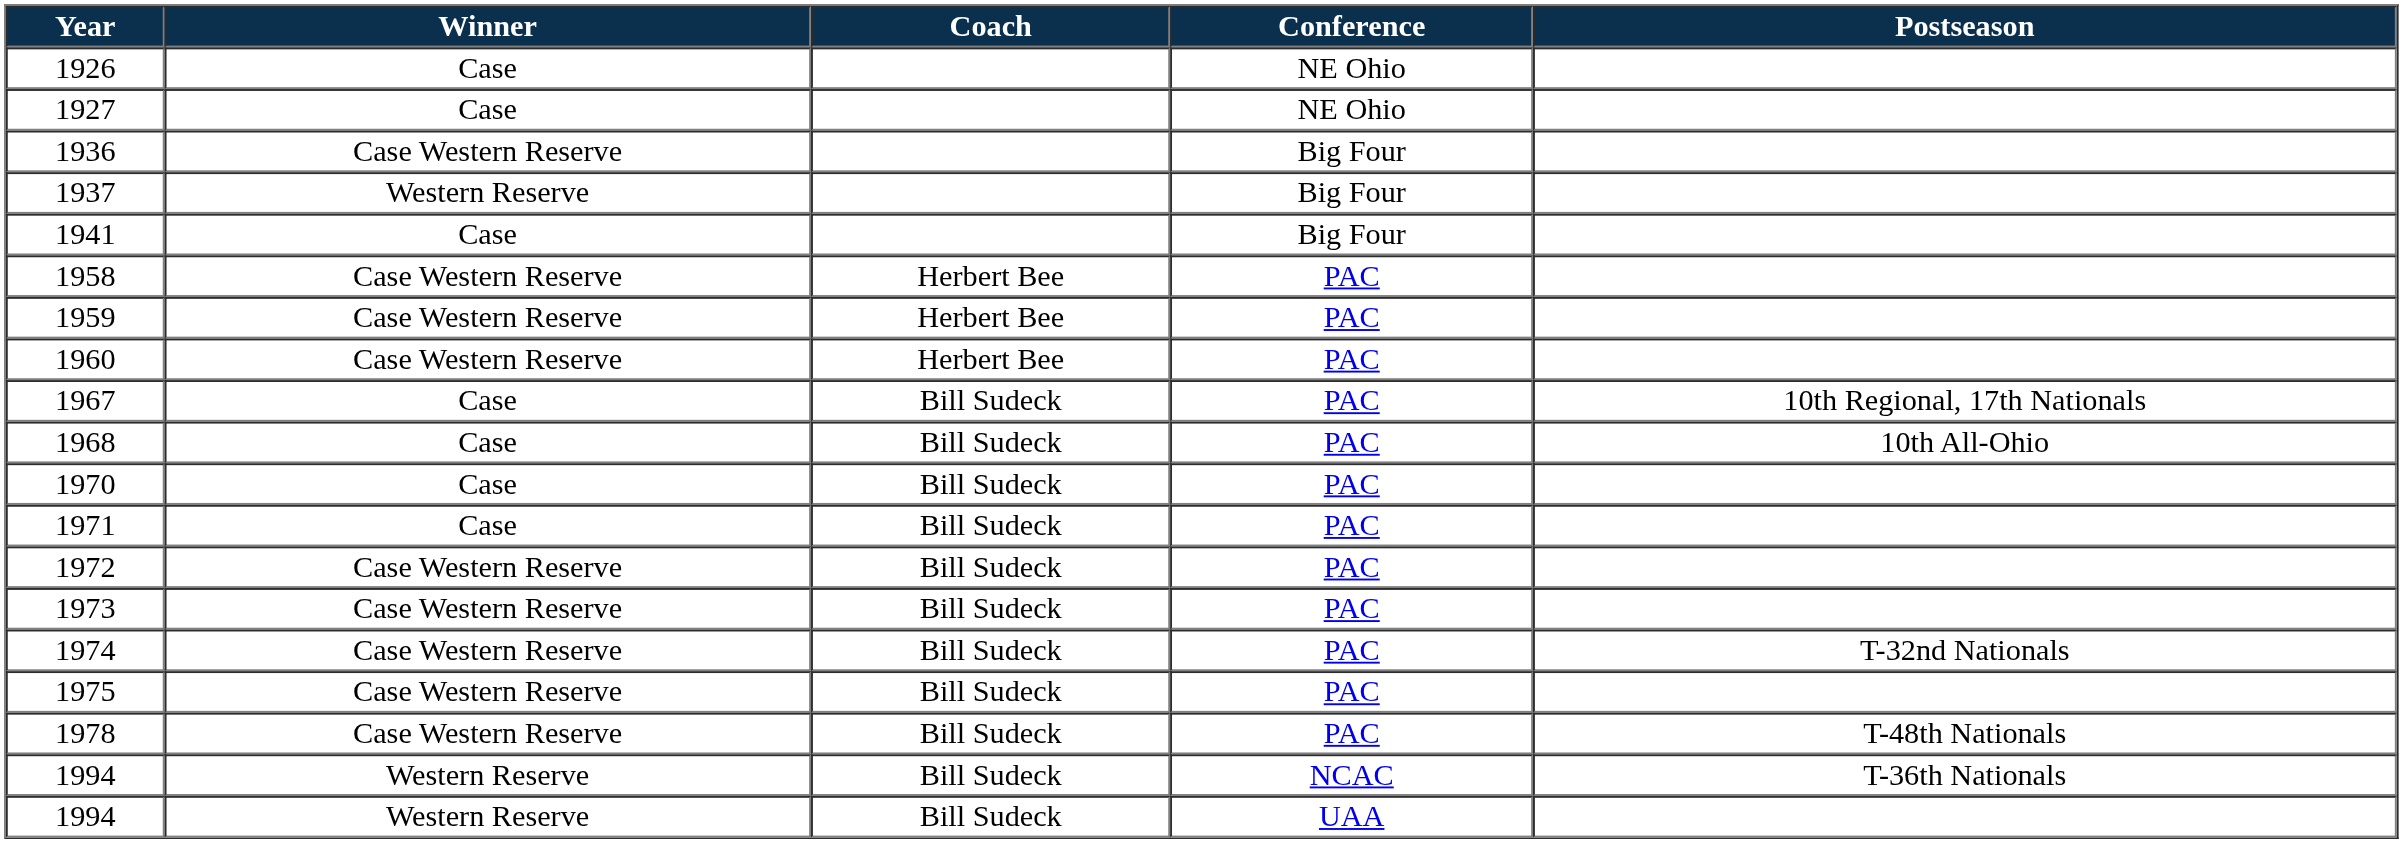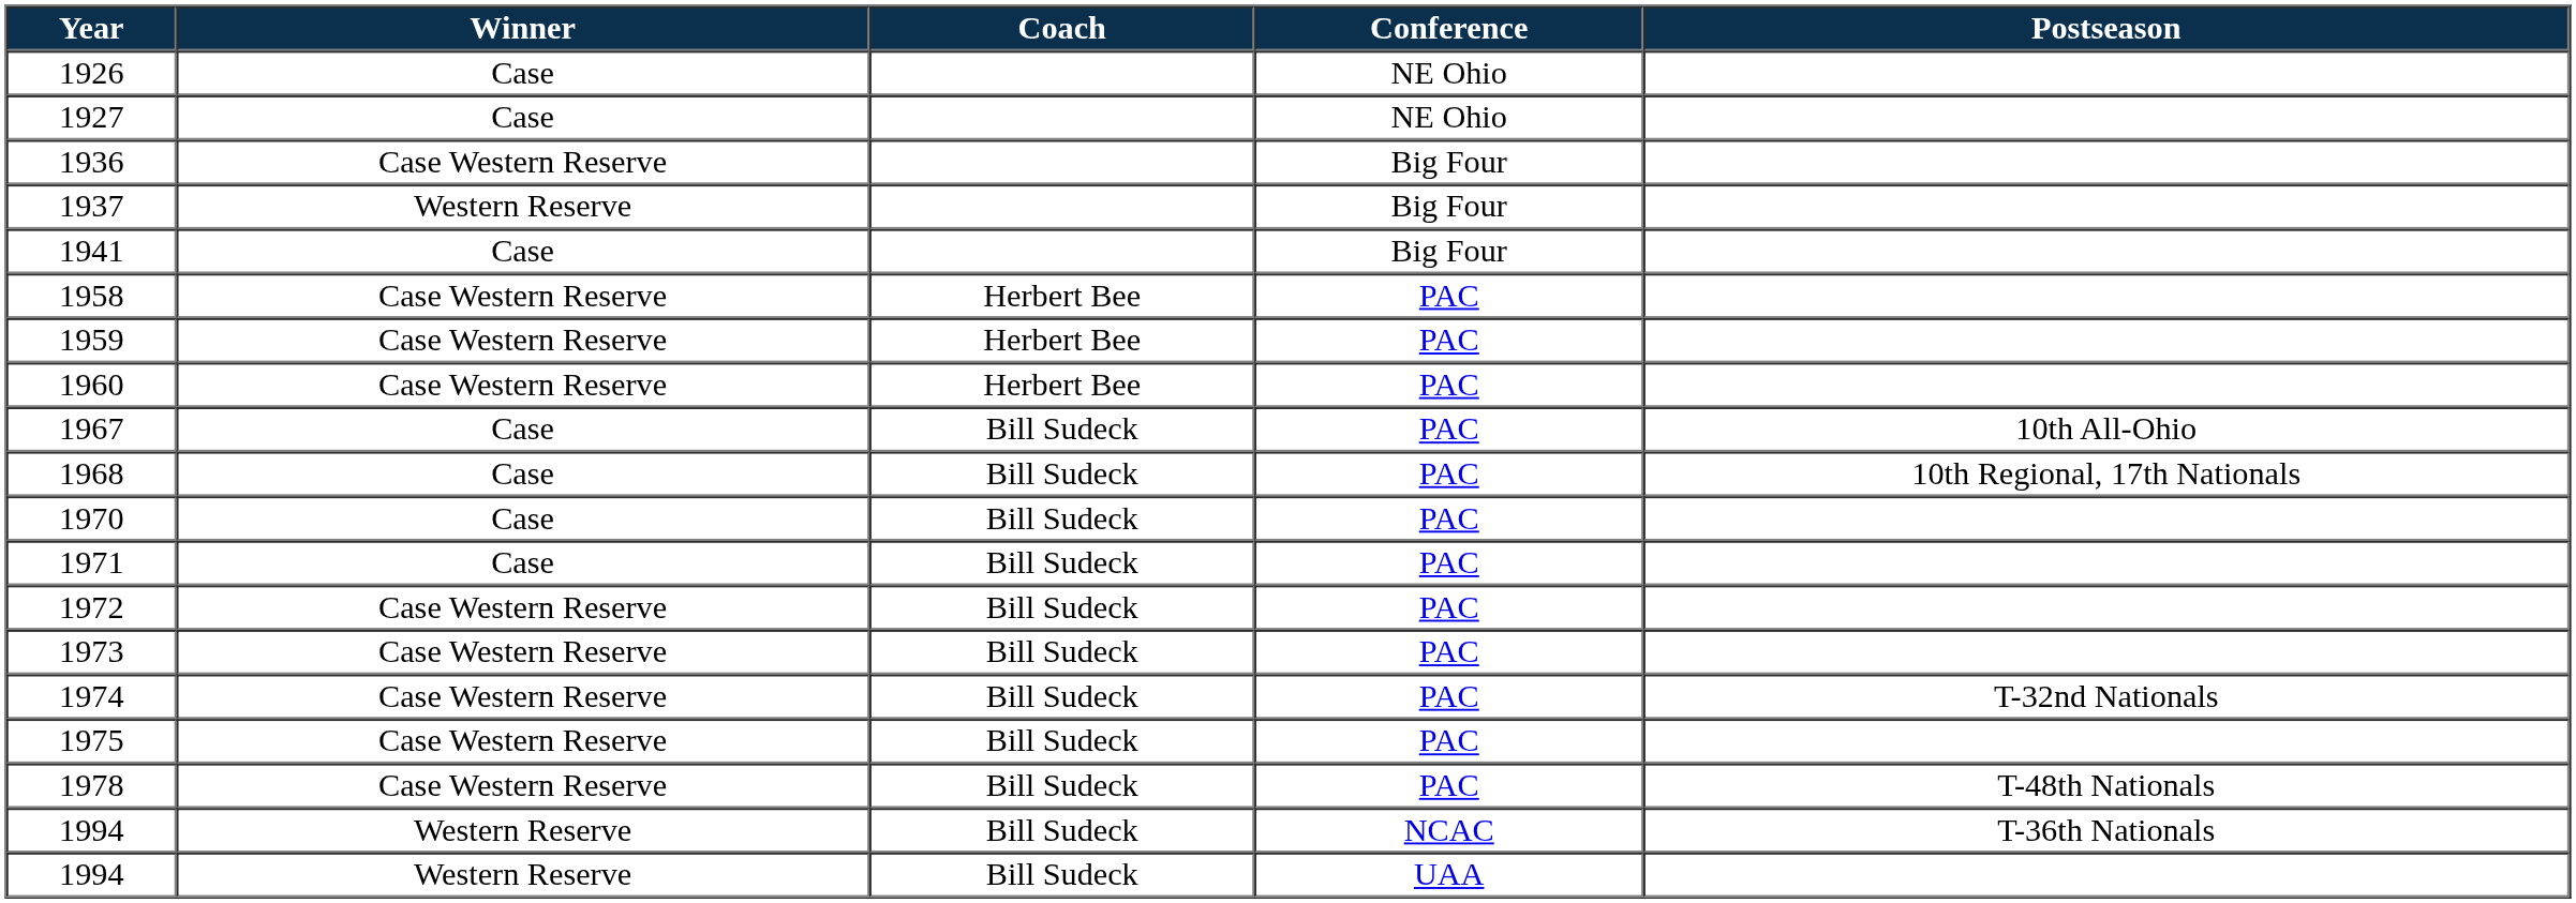 <table bcellpadding="1" border="1" cellspacing="0" style="width:80%;"valign="top">
 <tr>
 <th - style="background:#0A304E; color:white">Year</th>
 <th - style="background:#0A304E; color:white">Winner</th>
 <th - style="background:#0A304E; color:white">Coach</th>
 <th - style="background:#0A304E; color:white">Conference</th>
 <th - style="background:#0A304E; color:white">Postseason</th>
 </tr>
 <tr style="text-align:center;">
 <td>1926</td>
 <td>Case</td>
 <td></td>
 <td>NE Ohio</td>
 <td></td>
 </tr>
 <tr style="text-align:center;">
 <td>1927</td>
 <td>Case</td>
 <td></td>
 <td>NE Ohio</td>
 <td></td>
 </tr>
 <tr style="text-align:center;">
 <td>1936</td>
 <td>Case Western Reserve</td>
 <td></td>
 <td>Big Four</td>
 <td></td>
 </tr>
 <tr style="text-align:center;">
 <td>1937</td>
 <td>Western Reserve</td>
 <td></td>
 <td>Big Four</td>
 <td></td>
 </tr>
 <tr style="text-align:center;">
 <td>1941</td>
 <td>Case</td>
 <td></td>
 <td>Big Four</td>
 <td></td>
 </tr>
 <tr style="text-align:center;">
 <td>1958</td>
 <td>Case Western Reserve</td>
 <td>Herbert Bee</td>
 <td><a href='#'>PAC</a></td>
 <td></td>
 </tr>
 <tr style="text-align:center;">
 <td>1959</td>
 <td>Case Western Reserve</td>
 <td>Herbert Bee</td>
 <td><a href='#'>PAC</a></td>
 <td></td>
 </tr>
 <tr style="text-align:center;">
 <td>1960</td>
 <td>Case Western Reserve</td>
 <td>Herbert Bee</td>
 <td><a href='#'>PAC</a></td>
 <td></td>
 </tr>
 <tr style="text-align:center;">
 <td>1967</td>
 <td>Case</td>
 <td>Bill Sudeck</td>
 <td><a href='#'>PAC</a></td>
-<td>10th Regional, 17th Nationals</td>
+<td>10th All-Ohio</td>
 </tr>
 <tr style="text-align:center;">
 <td>1968</td>
 <td>Case</td>
 <td>Bill Sudeck</td>
 <td><a href='#'>PAC</a></td>
-<td>10th All-Ohio</td>
+<td>10th Regional, 17th Nationals</td>
 </tr>
 <tr style="text-align:center;">
 <td>1970</td>
 <td>Case</td>
 <td>Bill Sudeck</td>
 <td><a href='#'>PAC</a></td>
 <td></td>
 </tr>
 <tr style="text-align:center;">
 <td>1971</td>
 <td>Case</td>
 <td>Bill Sudeck</td>
 <td><a href='#'>PAC</a></td>
 <td></td>
 </tr>
 <tr style="text-align:center;">
 <td>1972</td>
 <td>Case Western Reserve</td>
 <td>Bill Sudeck</td>
 <td><a href='#'>PAC</a></td>
 <td></td>
 </tr>
 <tr style="text-align:center;">
 <td>1973</td>
 <td>Case Western Reserve</td>
 <td>Bill Sudeck</td>
 <td><a href='#'>PAC</a></td>
 <td></td>
 </tr>
 <tr style="text-align:center;">
 <td>1974</td>
 <td>Case Western Reserve</td>
 <td>Bill Sudeck</td>
 <td><a href='#'>PAC</a></td>
 <td>T-32nd Nationals</td>
 </tr>
 <tr style="text-align:center;">
 <td>1975</td>
 <td>Case Western Reserve</td>
 <td>Bill Sudeck</td>
 <td><a href='#'>PAC</a></td>
 <td></td>
 </tr>
 <tr style="text-align:center;">
 <td>1978</td>
 <td>Case Western Reserve</td>
 <td>Bill Sudeck</td>
 <td><a href='#'>PAC</a></td>
 <td>T-48th Nationals</td>
 </tr>
 <tr style="text-align:center;">
 <td>1994</td>
 <td>Western Reserve</td>
 <td>Bill Sudeck</td>
 <td><a href='#'>NCAC</a></td>
 <td>T-36th Nationals</td>
 </tr>
 <tr style="text-align:center;">
 <td>1994</td>
 <td>Western Reserve</td>
 <td>Bill Sudeck</td>
 <td><a href='#'>UAA</a></td>
 <td></td>
 </tr>
 <tr style="text-align:center;">
 </tr>
 </table>
